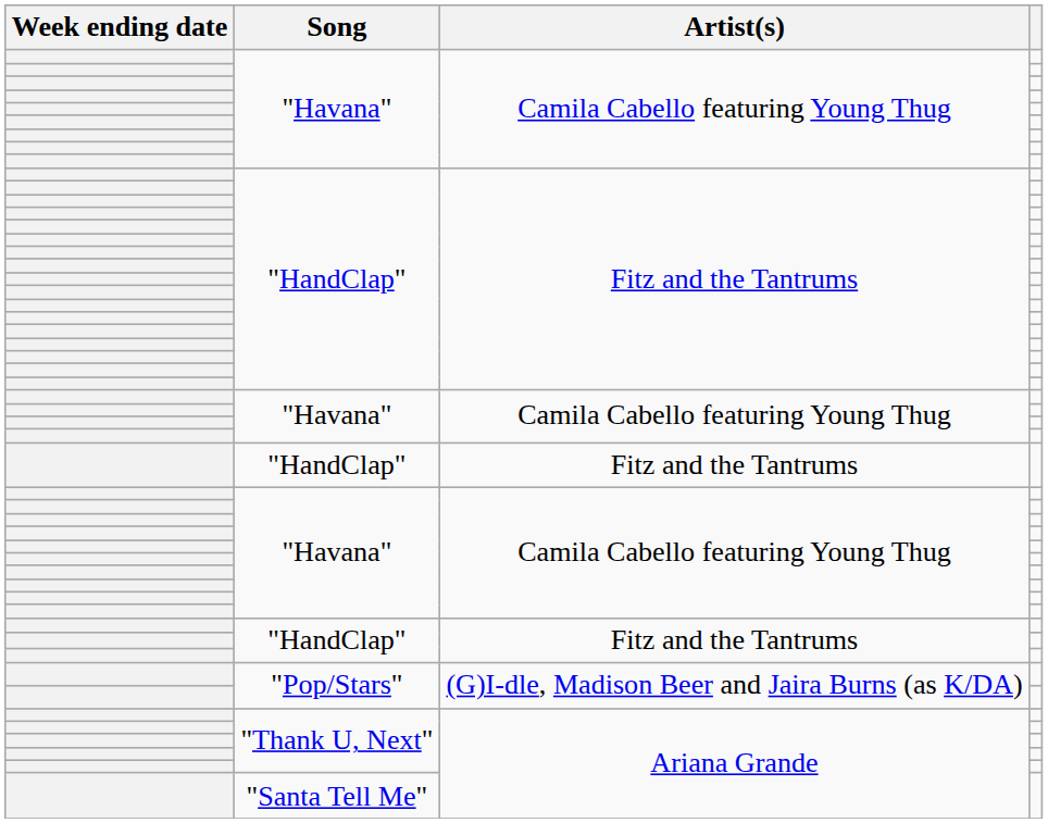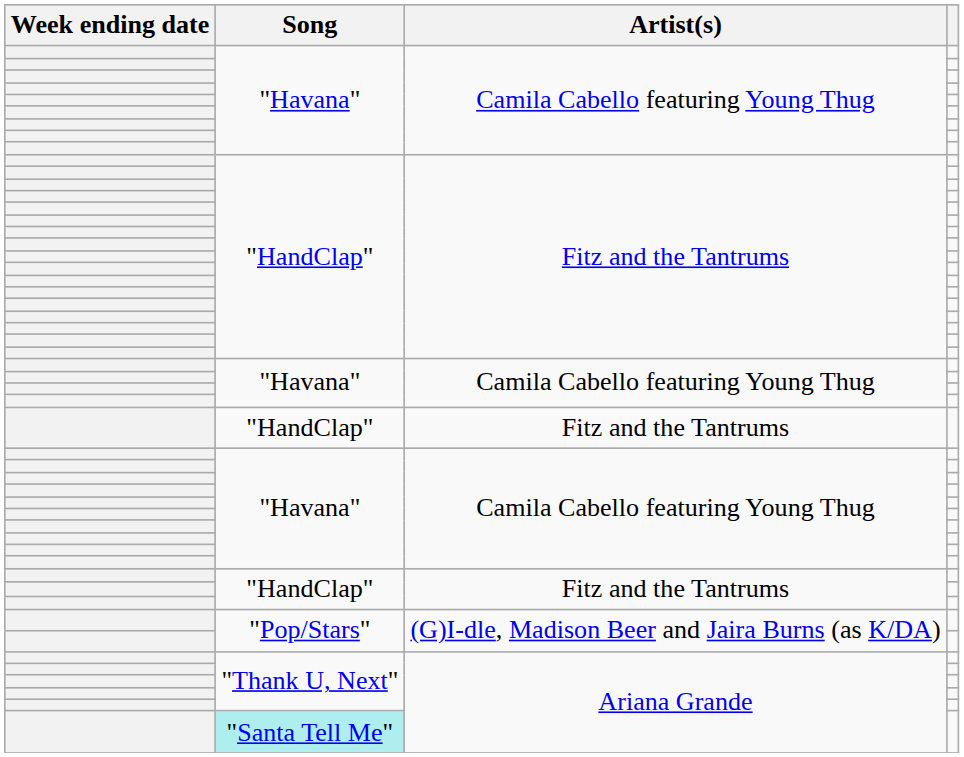 <table class="wikitable plainrowheaders sortable" style="text-align:center">
 <tr>
 <th>Week ending date</th>
 <th>Song</th>
 <th>Artist(s)</th>
 <th class="unsortable"></th>
 </tr>
 <tr>
 <th scope="row"></th>
 <td rowspan="9">"<a href='#'>Havana</a>"</td>
 <td rowspan="9"><a href='#'>Camila Cabello</a> featuring <a href='#'>Young Thug</a></td>
 <td></td>
 </tr>
 <tr>
 <th scope="row"></th>
 <td></td>
 </tr>
 <tr>
 <th scope="row"></th>
 <td></td>
 </tr>
 <tr>
 <th scope="row"></th>
 <td></td>
 </tr>
 <tr>
 <th scope="row"></th>
 <td></td>
 </tr>
 <tr>
 <th scope="row"></th>
 <td></td>
 </tr>
 <tr>
 <th scope="row"></th>
 <td></td>
 </tr>
 <tr>
 <th scope="row"></th>
 <td></td>
 </tr>
 <tr>
 <th scope="row"></th>
 <td></td>
 </tr>
 <tr>
 <th scope="row"></th>
 <td rowspan="17">"<a href='#'>HandClap</a>"</td>
 <td rowspan="17"><a href='#'>Fitz and the Tantrums</a></td>
 <td></td>
 </tr>
 <tr>
 <th scope="row"></th>
 <td></td>
 </tr>
 <tr>
 <th scope="row"></th>
 <td></td>
 </tr>
 <tr>
 <th scope="row"></th>
 <td></td>
 </tr>
 <tr>
 <th scope="row"></th>
 <td></td>
 </tr>
 <tr>
 <th scope="row"></th>
 <td></td>
 </tr>
 <tr>
 <th scope="row"></th>
 <td></td>
 </tr>
 <tr>
 <th scope="row"></th>
 <td></td>
 </tr>
 <tr>
 <th scope="row"></th>
 <td></td>
 </tr>
 <tr>
 <th scope="row"></th>
 <td></td>
 </tr>
 <tr>
 <th scope="row"></th>
 <td></td>
 </tr>
 <tr>
 <th scope="row"></th>
 <td></td>
 </tr>
 <tr>
 <th scope="row"></th>
 <td></td>
 </tr>
 <tr>
 <th scope="row"></th>
 <td></td>
 </tr>
 <tr>
 <th scope="row"></th>
 <td></td>
 </tr>
 <tr>
 <th scope="row"></th>
 <td></td>
 </tr>
 <tr>
 <th scope="row"></th>
 <td></td>
 </tr>
 <tr>
 <th scope="row"></th>
 <td rowspan="4">"Havana"</td>
 <td rowspan="4">Camila Cabello featuring Young Thug</td>
 <td></td>
 </tr>
 <tr>
 <th scope="row"></th>
 <td></td>
 </tr>
 <tr>
 <th scope="row"></th>
 <td></td>
 </tr>
 <tr>
 <th scope="row"></th>
 <td></td>
 </tr>
 <tr>
 <th scope="row"></th>
 <td>"HandClap"</td>
 <td>Fitz and the Tantrums</td>
 <td></td>
 </tr>
 <tr>
 <th scope="row"></th>
 <td rowspan="10">"Havana"</td>
 <td rowspan="10">Camila Cabello featuring Young Thug</td>
 <td></td>
 </tr>
 <tr>
 <th scope="row"></th>
 <td></td>
 </tr>
 <tr>
 <th scope="row"></th>
 <td></td>
 </tr>
 <tr>
 <th scope="row"></th>
 <td></td>
 </tr>
 <tr>
 <th scope="row"></th>
 <td></td>
 </tr>
 <tr>
 <th scope="row"></th>
 <td></td>
 </tr>
 <tr>
 <th scope="row"></th>
 <td></td>
 </tr>
 <tr>
 <th scope="row"></th>
 <td></td>
 </tr>
 <tr>
 <th scope="row"></th>
 <td></td>
 </tr>
 <tr>
 <th scope="row"></th>
 <td></td>
 </tr>
 <tr>
 <th scope="row"></th>
 <td rowspan="3">"HandClap"</td>
 <td rowspan="3">Fitz and the Tantrums</td>
 <td></td>
 </tr>
 <tr>
 <th scope="row"></th>
 <td></td>
 </tr>
 <tr>
 <th scope="row"></th>
 <td></td>
 </tr>
 <tr>
 <th scope="row"></th>
 <td rowspan="2">"<a href='#'>Pop/Stars</a>"</td>
 <td rowspan="2"><a href='#'>(G)I-dle</a>, <a href='#'>Madison Beer</a> and <a href='#'>Jaira Burns</a> (as <a href='#'>K/DA</a>)</td>
 <td></td>
 </tr>
 <tr>
 <th scope="row"></th>
 <td></td>
 </tr>
 <tr>
 <th scope="row"></th>
 <td rowspan="5">"<a href='#'>Thank U, Next</a>"</td>
 <td rowspan="6"><a href='#'>Ariana Grande</a></td>
 <td></td>
 </tr>
 <tr>
 <th scope="row"></th>
 <td></td>
 </tr>
 <tr>
 <th scope="row"></th>
 <td></td>
 </tr>
 <tr>
 <th scope="row"></th>
 <td></td>
 </tr>
 <tr>
 <th scope="row"></th>
 <td></td>
 </tr>
 <tr>
 <th scope="row"></th>
-<td>"<a href='#'>Santa Tell Me</a>"</td>
+<td style="background: paleturquoise;">"<a href='#'>Santa Tell Me</a>"</td>
 <td></td>
 </tr>
 </table>
